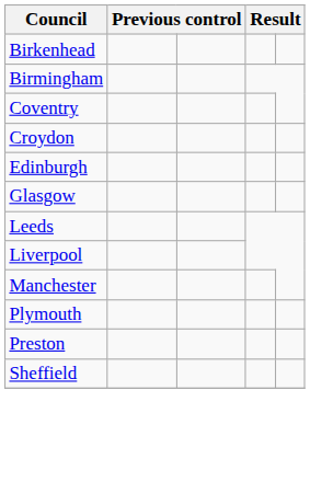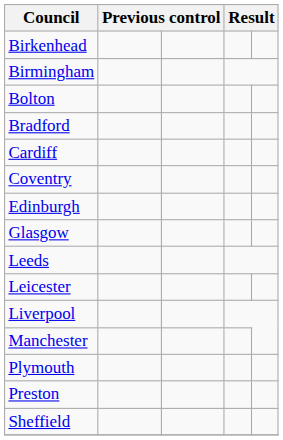 <table class="wikitable sortable" style="valign:top">
 <tr>
 <th>Council</th>
 <th colspan=2>Previous control</th>
 <th colspan=2>Result</th>
 </tr>
 <tr>
 <td><a href='#'>Birkenhead</a></td>
 <td></td>
 <td></td>
 <td></td>
 <td></td>
 </tr>
 <tr>
 <td><a href='#'>Birmingham</a></td>
 <td></td>
 <td></td>
 </tr>
 <tr>
-<td><a href='#'>Coventry</a></td>
+<td><a href='#'>Bolton</a></td>
+<td></td>
 <td></td>
 <td></td>
 <td></td>
 </tr>
 <tr>
-<td><a href='#'>Croydon</a></td>
+<td><a href='#'>Bradford</a></td>
 <td></td>
+<td></td>
+<td></td>
+<td></td>
+</tr>
+<tr>
+<td><a href='#'>Cardiff</a></td>
+<td></td>
+<td></td>
+<td></td>
+<td></td>
+</tr>
+<tr>
+<td><a href='#'>Coventry</a></td>
 <td></td>
 <td></td>
 <td></td>
 </tr>
 <tr>
 <td><a href='#'>Edinburgh</a></td>
 <td></td>
 <td></td>
 <td></td>
 <td></td>
 </tr>
 <tr>
 <td><a href='#'>Glasgow</a></td>
 <td></td>
 <td></td>
 <td></td>
 <td></td>
 </tr>
 <tr>
 <td><a href='#'>Leeds</a></td>
+<td></td>
+<td></td>
+</tr>
+<tr>
+<td><a href='#'>Leicester</a></td>
+<td></td>
+<td></td>
 <td></td>
 <td></td>
 </tr>
 <tr>
 <td><a href='#'>Liverpool</a></td>
 <td></td>
 <td></td>
 </tr>
 <tr>
 <td><a href='#'>Manchester</a></td>
 <td></td>
 <td></td>
 <td></td>
 </tr>
 <tr>
 <td><a href='#'>Plymouth</a></td>
 <td></td>
 <td></td>
 <td></td>
 <td></td>
 </tr>
 <tr>
 <td><a href='#'>Preston</a></td>
 <td></td>
 <td></td>
 <td></td>
 </tr>
 <tr>
 <td><a href='#'>Sheffield</a></td>
 <td></td>
 <td></td>
 <td></td>
 <td></td>
 </tr>
 <tr>
 </tr>
 </table>
